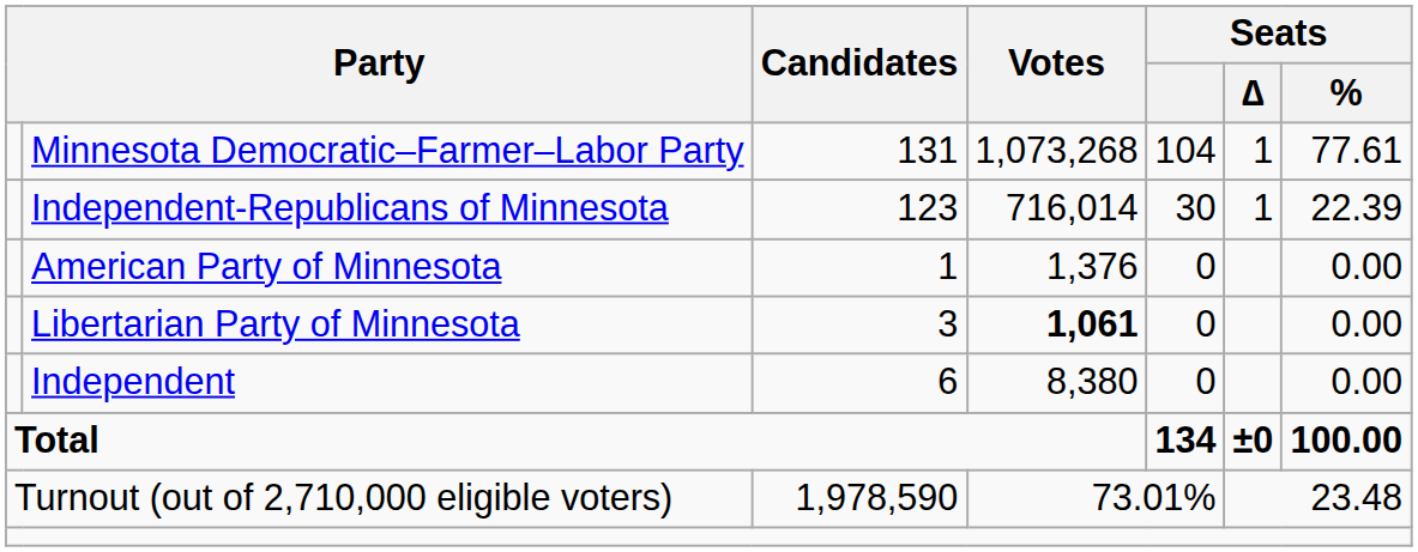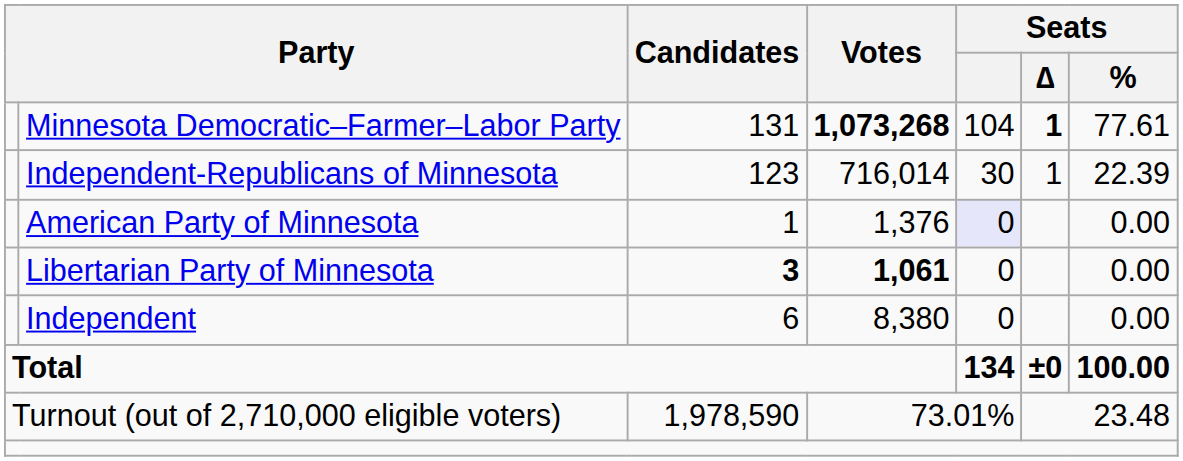 <table class="wikitable">
 <tr>
 <th rowspan="2" colspan="2">Party</th>
 <th rowspan="2">Candidates</th>
 <th rowspan="2" colspan="1">Votes</th>
 <th colspan="3">Seats</th>
 </tr>
 <tr>
 <th></th>
 <th>∆</th>
 <th>%</th>
 </tr>
 <tr>
 <td style="background-color:"></td>
 <td><a href='#'>Minnesota Democratic–Farmer–Labor Party</a></td>
 <td align="right">131</td>
-<td align="right">1,073,268</td>
+<td align="right"><strong>1,073,268</strong></td>
 <td align="right">104</td>
-<td align="right">1</td>
+<td align="right"><strong>1</strong></td>
 <td align="right">77.61</td>
 </tr>
 <tr>
 <td style="background-color:"></td>
 <td><a href='#'>Independent-Republicans of Minnesota</a></td>
 <td align="right">123</td>
 <td align="right">716,014</td>
 <td align="right">30</td>
 <td align="right">1</td>
 <td align="right">22.39</td>
 </tr>
 <tr>
 <td style="background-color:"></td>
 <td><a href='#'>American Party of Minnesota</a></td>
 <td align="right">1</td>
 <td align="right">1,376</td>
-<td align="right">0</td>
+<td align="right" style="background: lavender;">0</td>
 <td align="right"></td>
 <td align="right">0.00</td>
 </tr>
 <tr>
 <td style="background-color:"></td>
 <td><a href='#'>Libertarian Party of Minnesota</a></td>
-<td align="right">3</td>
+<td align="right"><strong>3</strong></td>
 <td align="right"><strong>1,061</strong></td>
 <td align="right">0</td>
 <td align="right"></td>
 <td align="right">0.00</td>
 </tr>
 <tr>
 <td style="background-color:"></td>
 <td><a href='#'>Independent</a></td>
 <td align="right">6</td>
 <td align="right">8,380</td>
 <td align="right">0</td>
 <td align="right"></td>
 <td align="right">0.00</td>
 </tr>
 <tr>
 <td colspan="4" align="left"><strong>Total</strong></td>
 <td align="right"><strong>134</strong></td>
 <td align="right"><strong>±0</strong></td>
 <td align="right"><strong>100.00</strong></td>
 </tr>
 <tr>
 <td colspan="2" align="left">Turnout (out of 2,710,000 eligible voters)</td>
 <td colspan="1" align="right">1,978,590</td>
 <td colspan="2" align="right">73.01%</td>
 <td colspan="2" align="right">23.48 </td>
 </tr>
 <tr>
 <td colspan="7"></td>
 </tr>
 </table>
